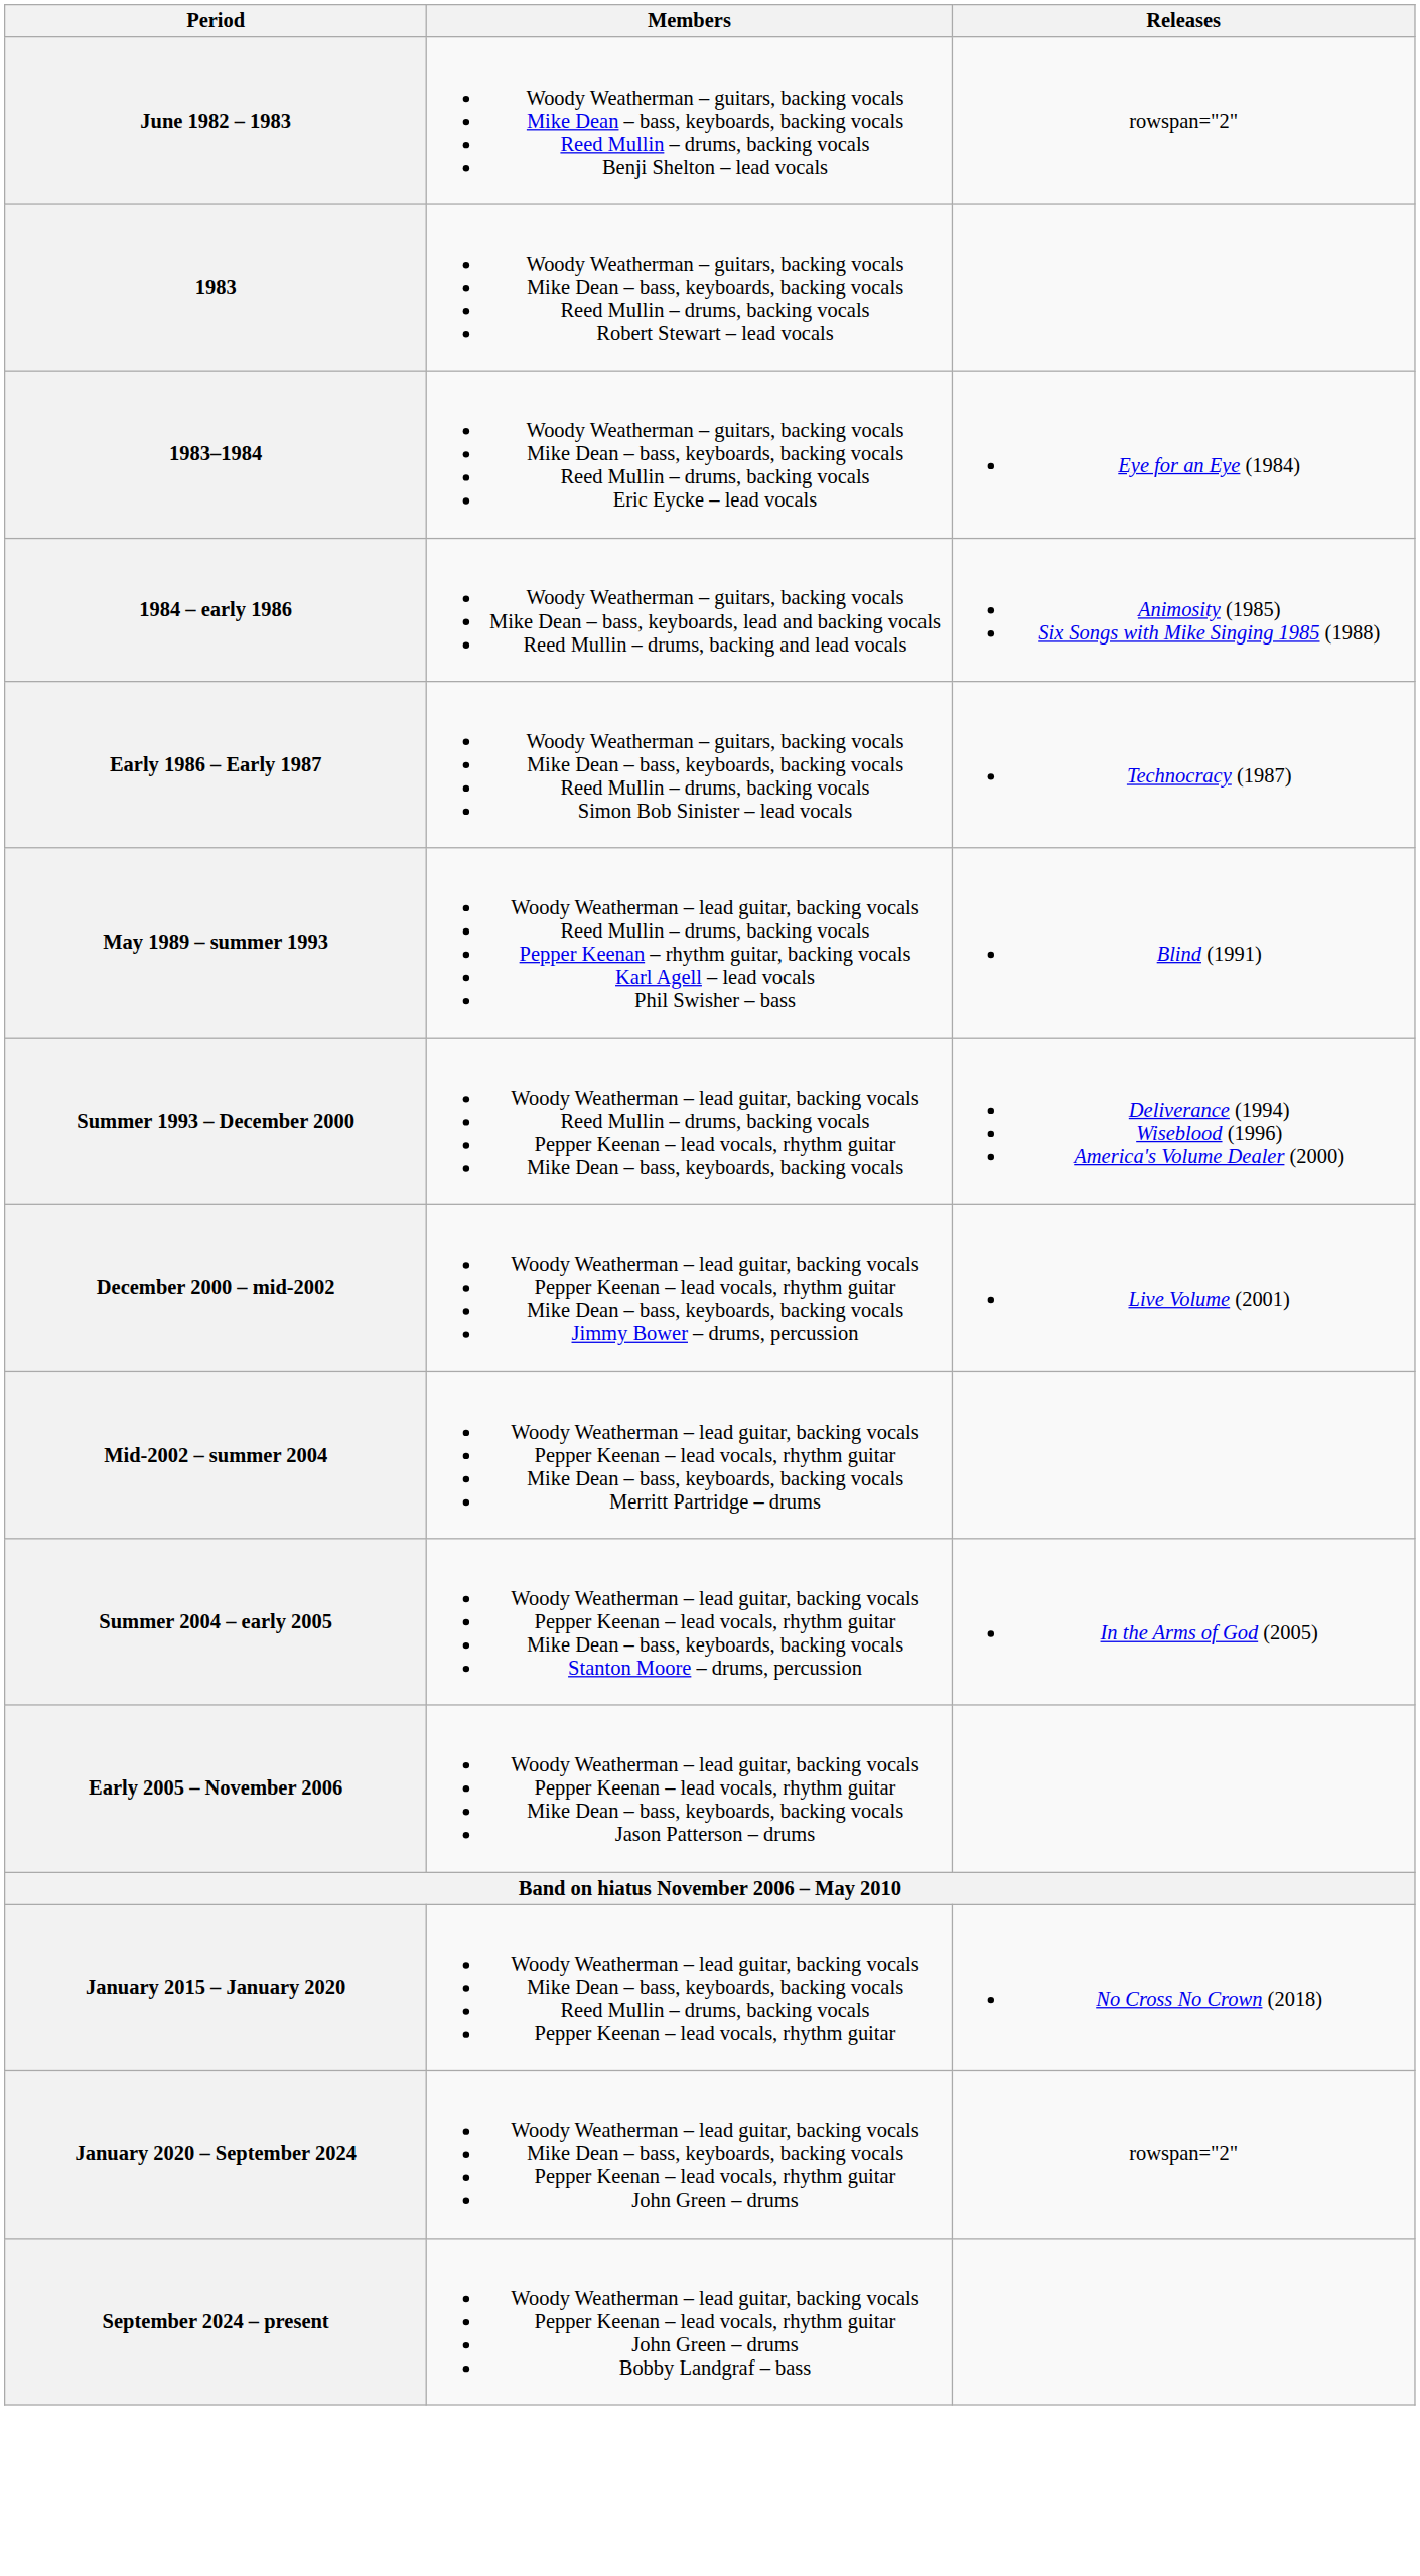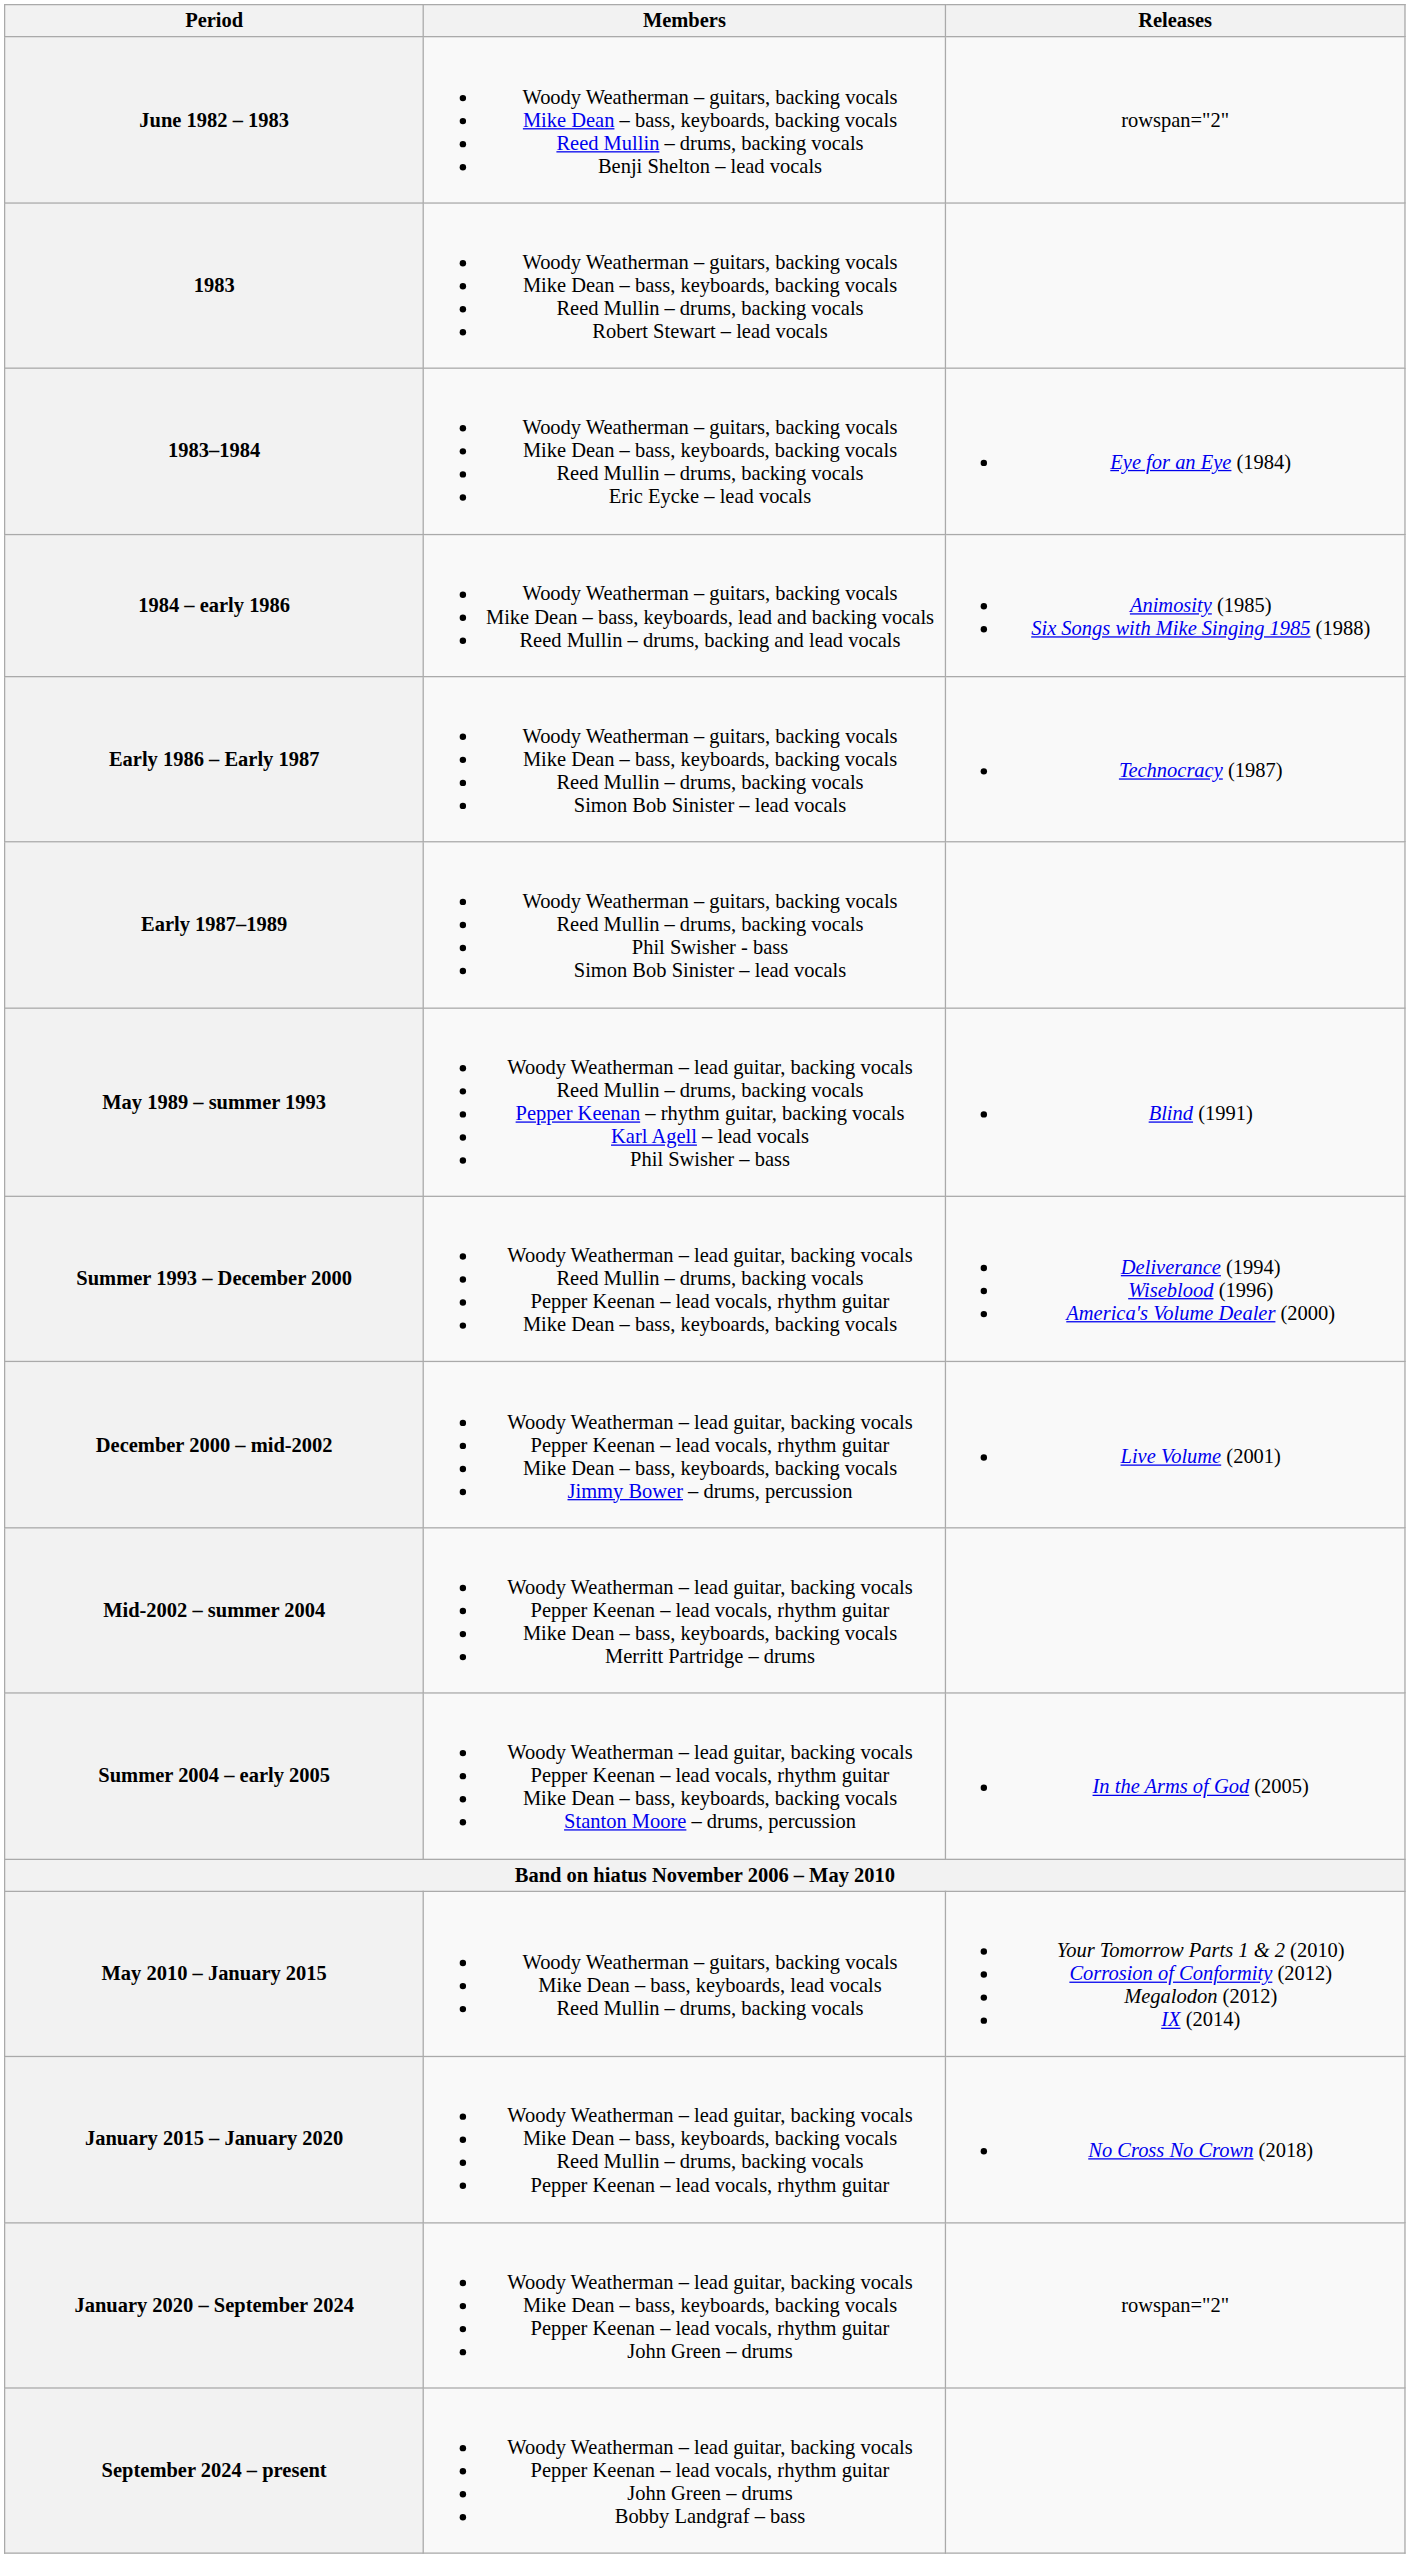 <table class="wikitable plainrowheaders" style="text-align:center;">
 <tr>
 <th scope="col" style="width:20em;">Period</th>
 <th scope="col" style="width:25em;">Members</th>
 <th scope="col" style="width:22em;">Releases</th>
 </tr>
 <tr>
 <th scope="col">June 1982 – 1983</th>
 <td><br><ul><li>Woody Weatherman – guitars, backing vocals</li><li><a href='#'>Mike Dean</a> – bass, keyboards, backing vocals</li><li><a href='#'>Reed Mullin</a> – drums, backing vocals</li><li>Benji Shelton – lead vocals</li></ul></td>
 <td>rowspan="2" </td>
 </tr>
 <tr>
 <th scope="col">1983</th>
 <td><br><ul><li>Woody Weatherman – guitars, backing vocals</li><li>Mike Dean – bass, keyboards, backing vocals</li><li>Reed Mullin – drums, backing vocals</li><li>Robert Stewart – lead vocals</li></ul></td>
 </tr>
 <tr>
 <th scope="col">1983–1984</th>
 <td><br><ul><li>Woody Weatherman – guitars, backing vocals</li><li>Mike Dean – bass, keyboards, backing vocals</li><li>Reed Mullin – drums, backing vocals</li><li>Eric Eycke – lead vocals</li></ul></td>
 <td><br><ul><li><em><a href='#'>Eye for an Eye</a></em> (1984)</li></ul></td>
 </tr>
 <tr>
 <th scope="col">1984 – early 1986</th>
 <td><br><ul><li>Woody Weatherman – guitars, backing vocals</li><li>Mike Dean – bass, keyboards, lead and backing vocals</li><li>Reed Mullin – drums, backing and lead vocals</li></ul></td>
 <td><br><ul><li><em><a href='#'>Animosity</a></em> (1985)</li><li><em><a href='#'>Six Songs with Mike Singing 1985</a></em> (1988)</li></ul></td>
 </tr>
 <tr>
 <th scope="col">Early 1986 – Early 1987</th>
 <td><br><ul><li>Woody Weatherman – guitars, backing vocals</li><li>Mike Dean – bass, keyboards, backing vocals</li><li>Reed Mullin – drums, backing vocals</li><li>Simon Bob Sinister – lead vocals</li></ul></td>
 <td><br><ul><li><em><a href='#'>Technocracy</a></em> (1987)</li></ul></td>
 </tr>
 <tr>
+<th scope="col">Early 1987–1989</th>
+<td><br><ul><li>Woody Weatherman – guitars, backing vocals</li><li>Reed Mullin – drums, backing vocals</li><li>Phil Swisher - bass</li><li>Simon Bob Sinister – lead vocals</li></ul></td>
+<td></td>
+</tr>
+<tr>
 <th scope="col">May 1989 – summer 1993</th>
 <td><br><ul><li>Woody Weatherman – lead guitar, backing vocals</li><li>Reed Mullin – drums, backing vocals</li><li><a href='#'>Pepper Keenan</a> – rhythm guitar, backing vocals</li><li><a href='#'>Karl Agell</a> – lead vocals</li><li>Phil Swisher – bass</li></ul></td>
 <td><br><ul><li><em><a href='#'>Blind</a></em> (1991)</li></ul></td>
 </tr>
 <tr>
 <th scope="col">Summer 1993 – December 2000</th>
 <td><br><ul><li>Woody Weatherman – lead guitar, backing vocals</li><li>Reed Mullin – drums, backing vocals</li><li>Pepper Keenan – lead vocals, rhythm guitar</li><li>Mike Dean – bass, keyboards, backing vocals</li></ul></td>
 <td><br><ul><li><em><a href='#'>Deliverance</a></em> (1994)</li><li><em><a href='#'>Wiseblood</a></em> (1996)</li><li><em><a href='#'>America's Volume Dealer</a></em> (2000)</li></ul></td>
 </tr>
 <tr>
 <th scope="col">December 2000 – mid-2002</th>
 <td><br><ul><li>Woody Weatherman – lead guitar, backing vocals</li><li>Pepper Keenan – lead vocals, rhythm guitar</li><li>Mike Dean – bass, keyboards, backing vocals</li><li><a href='#'>Jimmy Bower</a> – drums, percussion</li></ul></td>
 <td><br><ul><li><em><a href='#'>Live Volume</a></em> (2001)</li></ul></td>
 </tr>
 <tr>
 <th scope="col">Mid-2002 – summer 2004</th>
 <td><br><ul><li>Woody Weatherman – lead guitar, backing vocals</li><li>Pepper Keenan – lead vocals, rhythm guitar</li><li>Mike Dean – bass, keyboards, backing vocals</li><li>Merritt Partridge – drums</li></ul></td>
 <td></td>
 </tr>
 <tr>
 <th scope="col">Summer 2004 – early 2005</th>
 <td><br><ul><li>Woody Weatherman – lead guitar, backing vocals</li><li>Pepper Keenan – lead vocals, rhythm guitar</li><li>Mike Dean – bass, keyboards, backing vocals</li><li><a href='#'>Stanton Moore</a> – drums, percussion</li></ul></td>
 <td><br><ul><li><em><a href='#'>In the Arms of God</a></em> (2005)</li></ul></td>
 </tr>
 <tr>
-<th scope="col">Early 2005 – November 2006</th>
-<td><br><ul><li>Woody Weatherman – lead guitar, backing vocals</li><li>Pepper Keenan – lead vocals, rhythm guitar</li><li>Mike Dean – bass, keyboards, backing vocals</li><li>Jason Patterson – drums</li></ul></td>
-<td></td>
+<th scope="col" colspan="3">Band on hiatus November 2006 – May 2010</th>
 </tr>
 <tr>
-<th scope="col" colspan="3">Band on hiatus November 2006 – May 2010</th>
+<th scope="col">May 2010 – January 2015</th>
+<td><br><ul><li>Woody Weatherman – guitars, backing vocals</li><li>Mike Dean – bass, keyboards, lead vocals</li><li>Reed Mullin – drums, backing vocals</li></ul></td>
+<td><br><ul><li><em>Your Tomorrow Parts 1 & 2</em> (2010)</li><li><em><a href='#'>Corrosion of Conformity</a></em> (2012)</li><li><em>Megalodon</em> (2012)</li><li><em><a href='#'>IX</a></em> (2014)</li></ul></td>
 </tr>
 <tr>
 <th scope="col">January 2015 – January 2020</th>
 <td><br><ul><li>Woody Weatherman – lead guitar, backing vocals</li><li>Mike Dean – bass, keyboards, backing vocals</li><li>Reed Mullin – drums, backing vocals</li><li>Pepper Keenan – lead vocals, rhythm guitar</li></ul></td>
 <td><br><ul><li><em><a href='#'>No Cross No Crown</a></em> (2018)</li></ul></td>
 </tr>
 <tr>
 <th scope="col">January 2020 – September 2024</th>
 <td><br><ul><li>Woody Weatherman – lead guitar, backing vocals</li><li>Mike Dean – bass, keyboards, backing vocals</li><li>Pepper Keenan – lead vocals, rhythm guitar</li><li>John Green – drums</li></ul></td>
 <td>rowspan="2" </td>
 </tr>
 <tr>
 <th scope="col">September 2024 – present</th>
 <td><br><ul><li>Woody Weatherman – lead guitar, backing vocals</li><li>Pepper Keenan – lead vocals, rhythm guitar</li><li>John Green – drums </li><li>Bobby Landgraf – bass </li></ul></td>
 </tr>
 </table>
